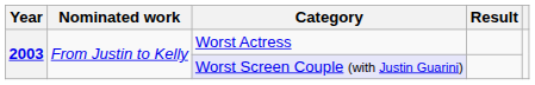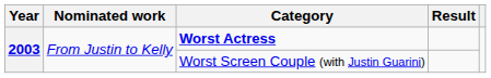 <table class="wikitable plainrowheaders">
 <tr>
 <th>Year</th>
 <th>Nominated work</th>
 <th>Category</th>
 <th>Result</th>
 <th></th>
 </tr>
 <tr>
 <th scope="row" rowspan="2"><a href='#'>2003</a></th>
 <td rowspan="2"><em><a href='#'>From Justin to Kelly</a></em></td>
-<td><a href='#'>Worst Actress</a></td>
+<td><strong><a href='#'>Worst Actress</a></strong></td>
 <td></td>
 <td align="center" rowspan="2"></td>
 </tr>
 <tr>
-<td style="background: lavender;"><a href='#'>Worst Screen Couple</a> <small>(with <a href='#'>Justin Guarini</a>)</small></td>
+<td><a href='#'>Worst Screen Couple</a> <small>(with <a href='#'>Justin Guarini</a>)</small></td>
 <td></td>
 </tr>
 </table>
